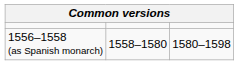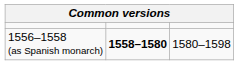 <table class="wikitable" style="margin-left: auto; margin-right: auto; border: none;">
 <tr>
 <th colspan="5"><em> Common versions </em></th>
 </tr>
 <tr>
 <td align="center"></td>
 <td align="center"></td>
 <td align="center"></td>
 </tr>
 <tr>
 <td>1556–1558<br><small>(as Spanish monarch)</small></td>
-<td>1558–1580</td>
+<td><strong>1558–1580</strong></td>
 <td>1580–1598</td>
 </tr>
 </table>
